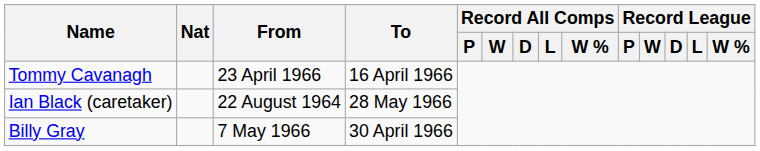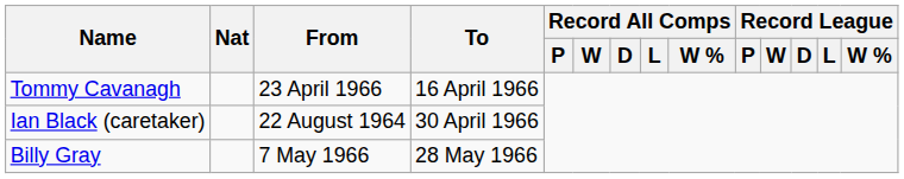 <table style="text-align: center" class="wikitable">
 <tr>
 <th rowspan="2">Name</th>
 <th rowspan="2">Nat</th>
 <th rowspan="2">From</th>
 <th rowspan="2">To</th>
 <th colspan="5">Record All Comps</th>
 <th colspan="5">Record League</th>
 </tr>
 <tr>
 <th>P</th>
 <th>W</th>
 <th>D</th>
 <th>L</th>
 <th>W %</th>
 <th>P</th>
 <th>W</th>
 <th>D</th>
 <th>L</th>
 <th>W %</th>
 </tr>
 <tr>
 <td style="text-align:left;"><a href='#'>Tommy Cavanagh</a></td>
 <td></td>
 <td style="text-align:left;">23 April 1966</td>
 <td style="text-align:left;">16 April 1966<br> </td>
 </tr>
 <tr>
 <td style="text-align:left;"><a href='#'>Ian Black</a> (caretaker)</td>
 <td></td>
 <td style="text-align:left;">22 August 1964</td>
-<td style="text-align:left;">28 May 1966<br> </td>
+<td style="text-align:left;">30 April 1966<br> </td>
 </tr>
 <tr>
 <td style="text-align:left;"><a href='#'>Billy Gray</a></td>
 <td></td>
 <td style="text-align:left;">7 May 1966</td>
-<td style="text-align:left;">30 April 1966<br> </td>
+<td style="text-align:left;">28 May 1966<br> </td>
 </tr>
 </table>
